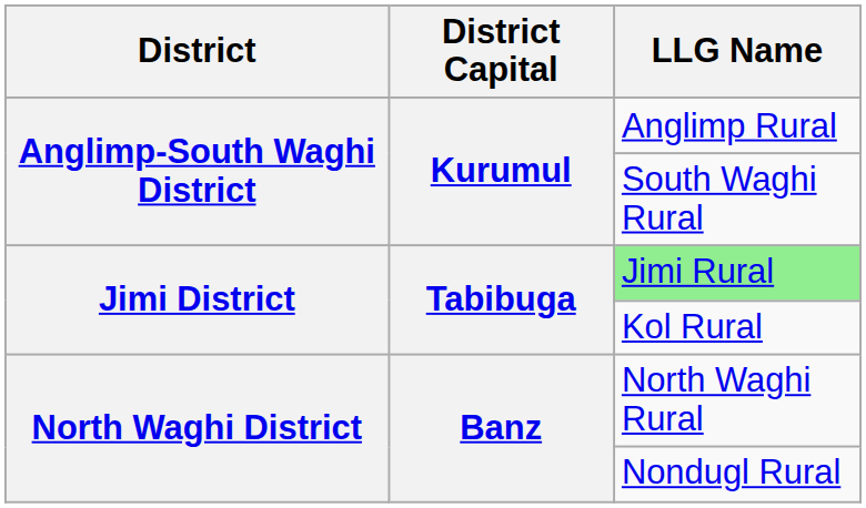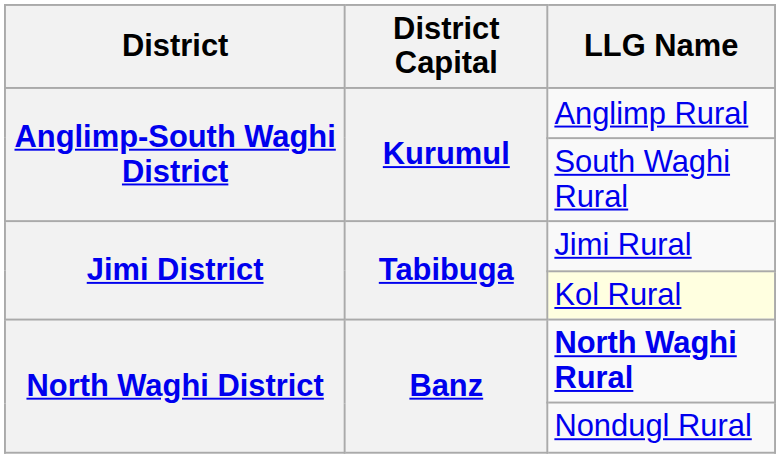 <table class="wikitable" style="text-align: left;" width="400">
 <tr>
 <th>District</th>
 <th>District Capital</th>
 <th>LLG Name</th>
 </tr>
 <tr>
 <th rowspan="2"><a href='#'>Anglimp-South Waghi District</a></th>
 <th rowspan="2"><a href='#'>Kurumul</a></th>
 <td><a href='#'>Anglimp Rural</a></td>
 </tr>
 <tr>
 <td><a href='#'>South Waghi Rural</a></td>
 </tr>
 <tr>
 <th rowspan="2"><a href='#'>Jimi District</a></th>
 <th rowspan="2"><a href='#'>Tabibuga</a></th>
-<td style="background: lightgreen;"><a href='#'>Jimi Rural</a></td>
+<td><a href='#'>Jimi Rural</a></td>
 </tr>
 <tr>
-<td><a href='#'>Kol Rural</a></td>
+<td style="background: lightyellow;"><a href='#'>Kol Rural</a></td>
 </tr>
 <tr>
 <th rowspan="2"><a href='#'>North Waghi District</a></th>
 <th rowspan="2"><a href='#'>Banz</a></th>
-<td><a href='#'>North Waghi Rural</a></td>
+<td><strong><a href='#'>North Waghi Rural</a></strong></td>
 </tr>
 <tr>
 <td><a href='#'>Nondugl Rural</a></td>
 </tr>
 </table>
